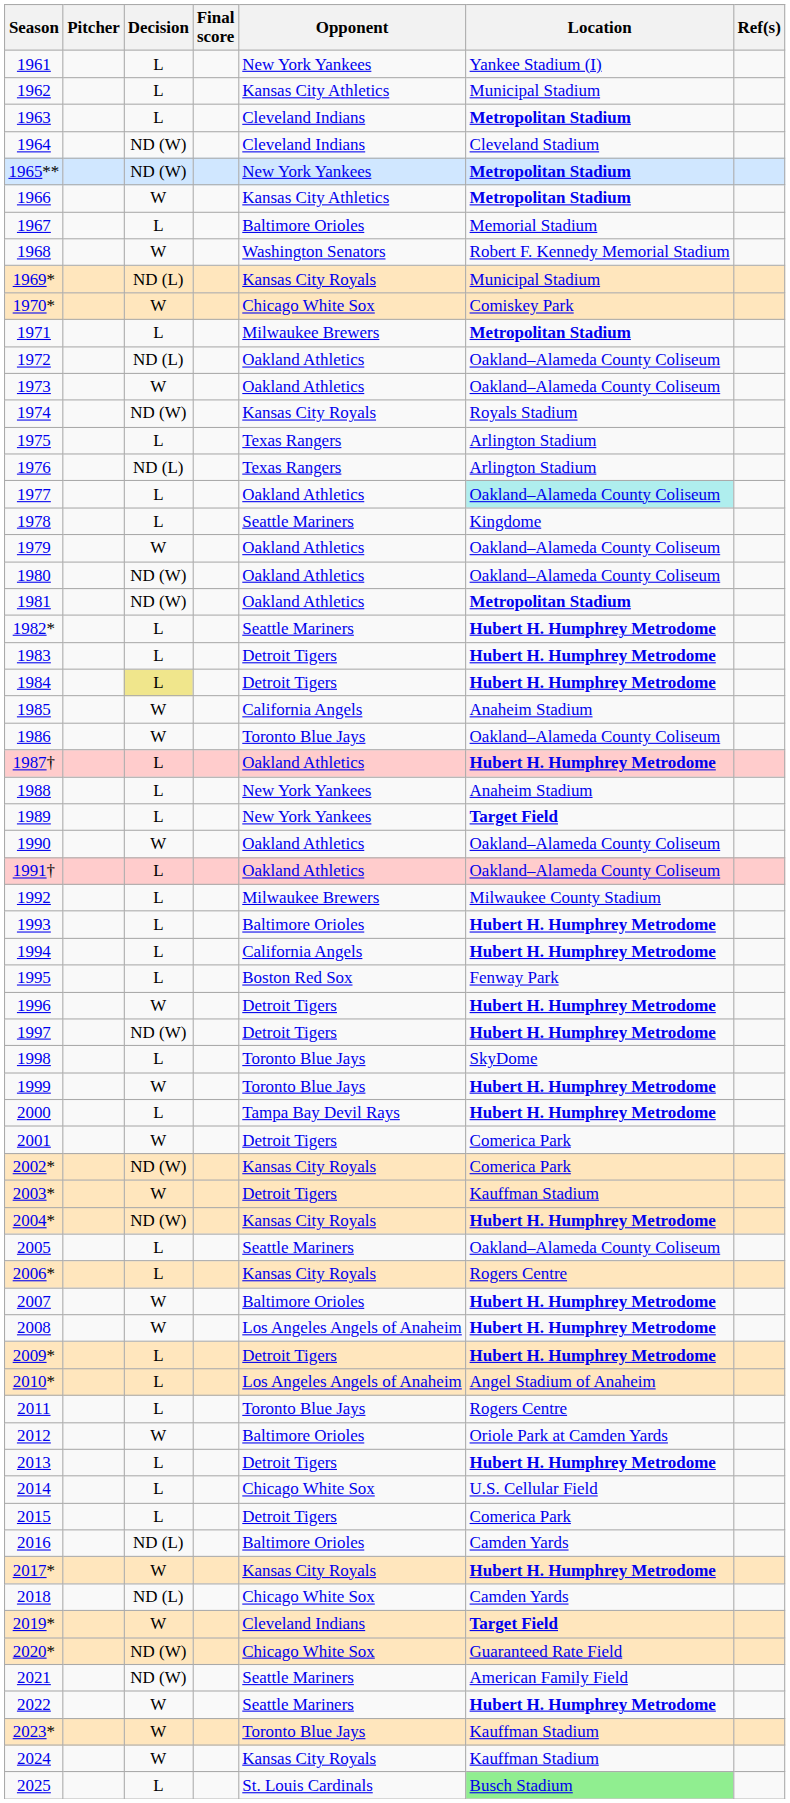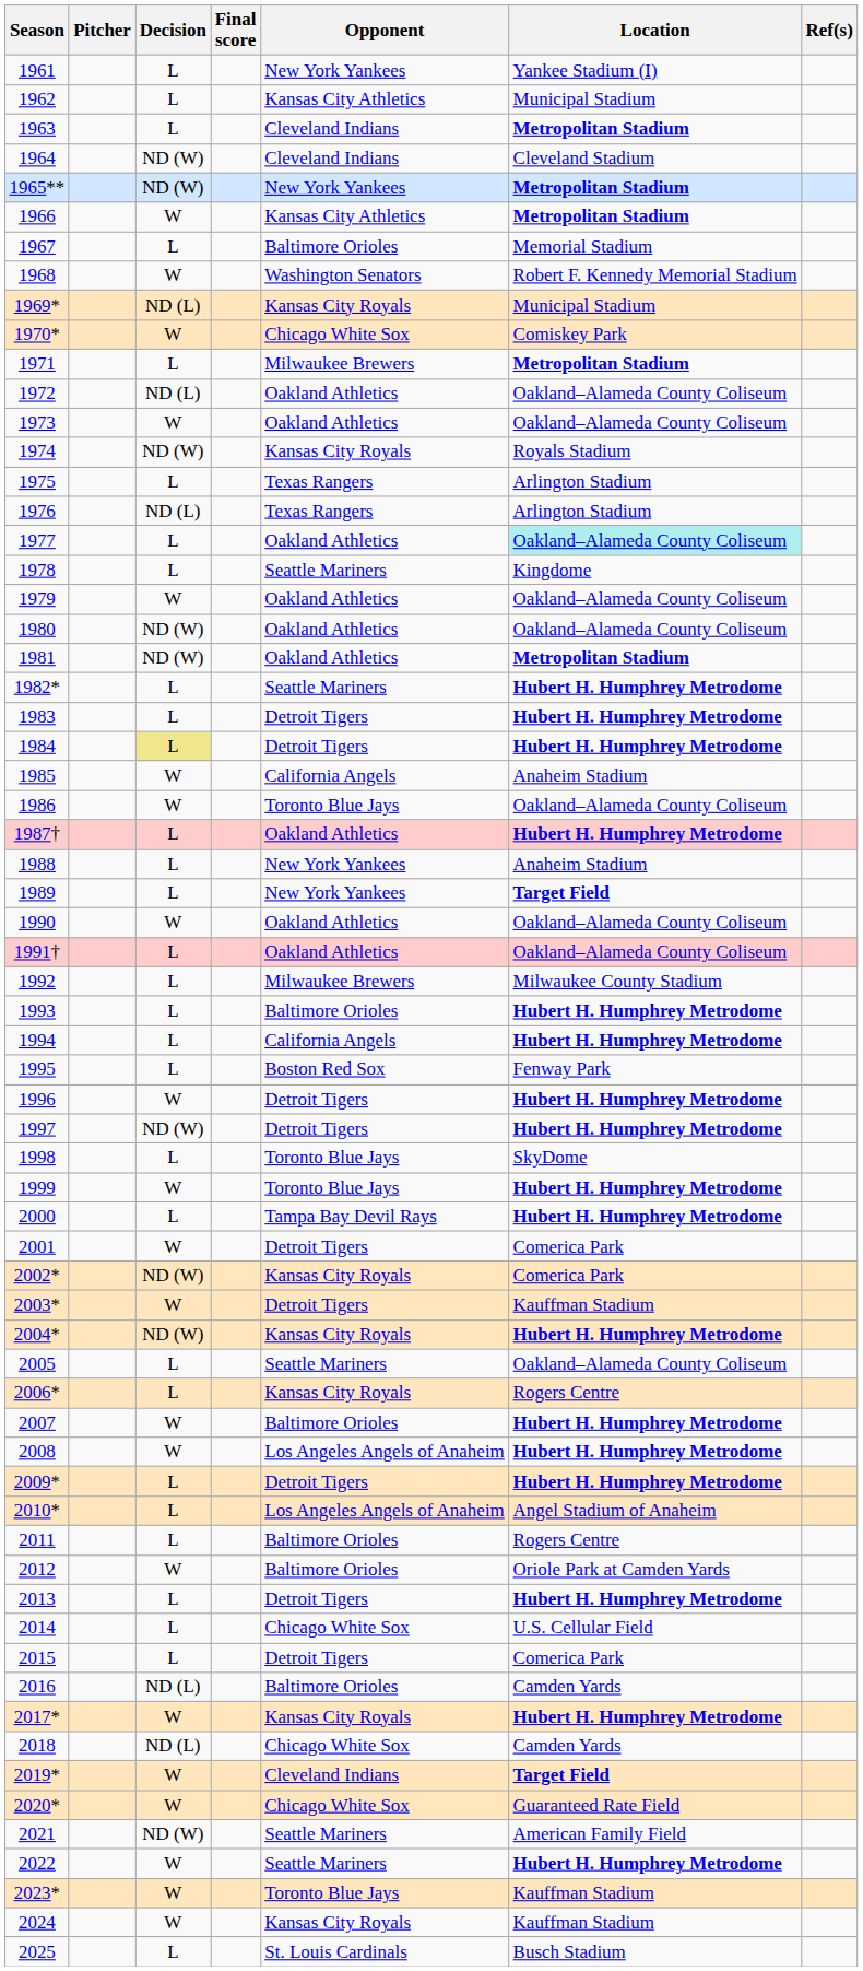 <table class="wikitable sortable plainrowheaders">
 <tr>
 <th scope="col">Season</th>
 <th scope="col">Pitcher</th>
 <th scope="col">Decision</th>
 <th scope="col">Final<br>score</th>
 <th scope="col">Opponent</th>
 <th scope="col">Location</th>
 <th class="unsortable">Ref(s)</th>
 </tr>
 <tr>
 <td align="center"><a href='#'>1961</a></td>
 <td></td>
 <td align="center">L</td>
 <td align="center"></td>
 <td><a href='#'>New York Yankees</a></td>
 <td><a href='#'>Yankee Stadium (I)</a></td>
 <td align="center"></td>
 </tr>
 <tr>
 <td align="center"><a href='#'>1962</a></td>
 <td></td>
 <td align="center">L</td>
 <td align="center"></td>
 <td><a href='#'>Kansas City Athletics</a></td>
 <td><a href='#'>Municipal Stadium</a></td>
 <td align="center"></td>
 </tr>
 <tr>
 <td align="center"><a href='#'>1963</a></td>
 <td></td>
 <td align="center">L</td>
 <td align="center"></td>
 <td><a href='#'>Cleveland Indians</a></td>
 <td><strong><a href='#'>Metropolitan Stadium</a></strong></td>
 <td align="center"></td>
 </tr>
 <tr>
 <td align="center"><a href='#'>1964</a></td>
 <td> </td>
 <td align="center">ND (W)</td>
 <td align="center"></td>
 <td><a href='#'>Cleveland Indians</a></td>
 <td><a href='#'>Cleveland Stadium</a></td>
 <td align="center"></td>
 </tr>
 <tr>
 <td style="background-color: #D0E7FF" align="center"><a href='#'>1965</a>**</td>
 <td style="background-color: #D0E7FF"></td>
 <td style="background-color: #D0E7FF" align="center">ND (W)</td>
 <td style="background-color: #D0E7FF" align="center"></td>
 <td style="background-color: #D0E7FF"><a href='#'>New York Yankees</a></td>
 <td style="background-color: #D0E7FF"><strong><a href='#'>Metropolitan Stadium</a></strong></td>
 <td style="background-color: #D0E7FF" align="center"></td>
 </tr>
 <tr>
 <td align="center"><a href='#'>1966</a></td>
 <td></td>
 <td align="center">W</td>
 <td align="center"></td>
 <td><a href='#'>Kansas City Athletics</a></td>
 <td><strong><a href='#'>Metropolitan Stadium</a></strong></td>
 <td align="center"></td>
 </tr>
 <tr>
 <td align="center"><a href='#'>1967</a></td>
 <td> </td>
 <td align="center">L</td>
 <td align="center"></td>
 <td><a href='#'>Baltimore Orioles</a></td>
 <td><a href='#'>Memorial Stadium</a></td>
 <td align="center"></td>
 </tr>
 <tr>
 <td align="center"><a href='#'>1968</a></td>
 <td></td>
 <td align="center">W</td>
 <td align="center"></td>
 <td><a href='#'>Washington Senators</a></td>
 <td><a href='#'>Robert F. Kennedy Memorial Stadium</a></td>
 <td align="center"></td>
 </tr>
 <tr>
 <td style="background-color: #FFE6BD" align="center"><a href='#'>1969</a>*</td>
 <td style="background-color: #FFE6BD"></td>
 <td style="background-color: #FFE6BD" align="center">ND (L)</td>
 <td style="background-color: #FFE6BD" align="center"></td>
 <td style="background-color: #FFE6BD"><a href='#'>Kansas City Royals</a></td>
 <td style="background-color: #FFE6BD"><a href='#'>Municipal Stadium</a></td>
 <td style="background-color: #FFE6BD" align="center"></td>
 </tr>
 <tr>
 <td style="background-color: #FFE6BD" align="center"><a href='#'>1970</a>*</td>
 <td style="background-color: #FFE6BD"></td>
 <td style="background-color: #FFE6BD" align="center">W</td>
 <td style="background-color: #FFE6BD" align="center"></td>
 <td style="background-color: #FFE6BD"><a href='#'>Chicago White Sox</a></td>
 <td style="background-color: #FFE6BD"><a href='#'>Comiskey Park</a></td>
 <td style="background-color: #FFE6BD" align="center"></td>
 </tr>
 <tr>
 <td align="center"><a href='#'>1971</a></td>
 <td> </td>
 <td align="center">L</td>
 <td align="center"></td>
 <td><a href='#'>Milwaukee Brewers</a></td>
 <td><strong><a href='#'>Metropolitan Stadium</a></strong></td>
 <td align="center"></td>
 </tr>
 <tr>
 <td align="center"><a href='#'>1972</a></td>
 <td></td>
 <td align="center">ND (L)</td>
 <td align="center"></td>
 <td><a href='#'>Oakland Athletics</a></td>
 <td><a href='#'>Oakland–Alameda County Coliseum</a></td>
 <td align="center"></td>
 </tr>
 <tr>
 <td align="center"><a href='#'>1973</a></td>
 <td> </td>
 <td align="center">W</td>
 <td align="center"></td>
 <td><a href='#'>Oakland Athletics</a></td>
 <td><a href='#'>Oakland–Alameda County Coliseum</a></td>
 <td align="center"></td>
 </tr>
 <tr>
 <td align="center"><a href='#'>1974</a></td>
 <td> </td>
 <td align="center">ND (W)</td>
 <td align="center"></td>
 <td><a href='#'>Kansas City Royals</a></td>
 <td><a href='#'>Royals Stadium</a></td>
 <td align="center"></td>
 </tr>
 <tr>
 <td align="center"><a href='#'>1975</a></td>
 <td> </td>
 <td align="center">L</td>
 <td align="center"></td>
 <td><a href='#'>Texas Rangers</a></td>
 <td><a href='#'>Arlington Stadium</a></td>
 <td align="center"></td>
 </tr>
 <tr>
 <td align="center"><a href='#'>1976</a></td>
 <td> </td>
 <td align="center">ND (L)</td>
 <td align="center"></td>
 <td><a href='#'>Texas Rangers</a></td>
 <td><a href='#'>Arlington Stadium</a></td>
 <td align="center"></td>
 </tr>
 <tr>
 <td align="center"><a href='#'>1977</a></td>
 <td></td>
 <td align="center">L</td>
 <td align="center"></td>
 <td><a href='#'>Oakland Athletics</a></td>
 <td style="background: paleturquoise;"><a href='#'>Oakland–Alameda County Coliseum</a></td>
 <td align="center"></td>
 </tr>
 <tr>
 <td align="center"><a href='#'>1978</a></td>
 <td> </td>
 <td align="center">L</td>
 <td align="center"></td>
 <td><a href='#'>Seattle Mariners</a></td>
 <td><a href='#'>Kingdome</a></td>
 <td align="center"></td>
 </tr>
 <tr>
 <td align="center"><a href='#'>1979</a></td>
 <td> </td>
 <td align="center">W</td>
 <td align="center"></td>
 <td><a href='#'>Oakland Athletics</a></td>
 <td><a href='#'>Oakland–Alameda County Coliseum</a></td>
 <td align="center"></td>
 </tr>
 <tr>
 <td align="center"><a href='#'>1980</a></td>
 <td></td>
 <td align="center">ND (W)</td>
 <td align="center"></td>
 <td><a href='#'>Oakland Athletics</a></td>
 <td><a href='#'>Oakland–Alameda County Coliseum</a></td>
 <td align="center"></td>
 </tr>
 <tr>
 <td align="center"><a href='#'>1981</a></td>
 <td> </td>
 <td align="center">ND (W)</td>
 <td align="center"></td>
 <td><a href='#'>Oakland Athletics</a></td>
 <td><strong><a href='#'>Metropolitan Stadium</a></strong></td>
 <td align="center"></td>
 </tr>
 <tr>
 <td align="center"><a href='#'>1982</a>*</td>
 <td></td>
 <td align="center">L</td>
 <td align="center"></td>
 <td><a href='#'>Seattle Mariners</a></td>
 <td><strong><a href='#'>Hubert H. Humphrey Metrodome</a></strong></td>
 <td align="center"></td>
 </tr>
 <tr>
 <td align="center"><a href='#'>1983</a></td>
 <td></td>
 <td align="center">L</td>
 <td align="center"></td>
 <td><a href='#'>Detroit Tigers</a></td>
 <td><strong><a href='#'>Hubert H. Humphrey Metrodome</a></strong></td>
 <td align="center"></td>
 </tr>
 <tr>
 <td align="center"><a href='#'>1984</a></td>
 <td></td>
 <td align="center" style="background: khaki;">L</td>
 <td align="center"></td>
 <td><a href='#'>Detroit Tigers</a></td>
 <td><strong><a href='#'>Hubert H. Humphrey Metrodome</a></strong></td>
 <td align="center"></td>
 </tr>
 <tr>
 <td align="center"><a href='#'>1985</a></td>
 <td></td>
 <td align="center">W</td>
 <td align="center"></td>
 <td><a href='#'>California Angels</a></td>
 <td><a href='#'>Anaheim Stadium</a></td>
 <td align="center"></td>
 </tr>
 <tr>
 <td align="center"><a href='#'>1986</a></td>
 <td> </td>
 <td align="center">W</td>
 <td align="center"></td>
 <td><a href='#'>Toronto Blue Jays</a></td>
 <td><a href='#'>Oakland–Alameda County Coliseum</a></td>
 <td align="center"></td>
 </tr>
 <tr>
 <td style="background-color: #FFCCCC" align="center"><a href='#'>1987</a>†</td>
 <td style="background-color: #FFCCCC"> </td>
 <td style="background-color: #FFCCCC" align="center">L</td>
 <td style="background-color: #FFCCCC" align="center"></td>
 <td style="background-color: #FFCCCC"><a href='#'>Oakland Athletics</a></td>
 <td style="background-color: #FFCCCC"><strong><a href='#'>Hubert H. Humphrey Metrodome</a></strong></td>
 <td style="background-color: #FFCCCC" align="center"></td>
 </tr>
 <tr>
 <td align="center"><a href='#'>1988</a></td>
 <td> </td>
 <td align="center">L</td>
 <td align="center"></td>
 <td><a href='#'>New York Yankees</a></td>
 <td><a href='#'>Anaheim Stadium</a></td>
 <td align="center"></td>
 </tr>
 <tr>
 <td align="center"><a href='#'>1989</a></td>
 <td> </td>
 <td align="center">L</td>
 <td align="center"></td>
 <td><a href='#'>New York Yankees</a></td>
 <td><strong><a href='#'>Target Field</a></strong></td>
 <td align="center"></td>
 </tr>
 <tr>
 <td align="center"><a href='#'>1990</a></td>
 <td></td>
 <td align="center">W</td>
 <td align="center"></td>
 <td><a href='#'>Oakland Athletics</a></td>
 <td><a href='#'>Oakland–Alameda County Coliseum</a></td>
 <td align="center"></td>
 </tr>
 <tr>
 <td style="background-color: #FFCCCC" align="center"><a href='#'>1991</a>†</td>
 <td style="background-color: #FFCCCC"></td>
 <td style="background-color: #FFCCCC" align="center">L</td>
 <td style="background-color: #FFCCCC" align="center"></td>
 <td style="background-color: #FFCCCC"><a href='#'>Oakland Athletics</a></td>
 <td style="background-color: #FFCCCC"><a href='#'>Oakland–Alameda County Coliseum</a></td>
 <td style="background-color: #FFCCCC" align="center"></td>
 </tr>
 <tr>
 <td align="center"><a href='#'>1992</a></td>
 <td></td>
 <td align="center">L</td>
 <td align="center"></td>
 <td><a href='#'>Milwaukee Brewers</a></td>
 <td><a href='#'>Milwaukee County Stadium</a></td>
 <td align="center"></td>
 </tr>
 <tr>
 <td align="center"><a href='#'>1993</a></td>
 <td></td>
 <td align="center">L</td>
 <td align="center"></td>
 <td><a href='#'>Baltimore Orioles</a></td>
 <td><strong><a href='#'>Hubert H. Humphrey Metrodome</a></strong></td>
 <td align="center"></td>
 </tr>
 <tr>
 <td align="center"><a href='#'>1994</a></td>
 <td> </td>
 <td align="center">L</td>
 <td align="center"></td>
 <td><a href='#'>California Angels</a></td>
 <td><strong><a href='#'>Hubert H. Humphrey Metrodome</a></strong></td>
 <td align="center"></td>
 </tr>
 <tr>
 <td align="center"><a href='#'>1995</a></td>
 <td> </td>
 <td align="center">L</td>
 <td align="center"></td>
 <td><a href='#'>Boston Red Sox</a></td>
 <td><a href='#'>Fenway Park</a></td>
 <td align="center"></td>
 </tr>
 <tr>
 <td align="center"><a href='#'>1996</a></td>
 <td></td>
 <td align="center">W</td>
 <td align="center"></td>
 <td><a href='#'>Detroit Tigers</a></td>
 <td><strong><a href='#'>Hubert H. Humphrey Metrodome</a></strong></td>
 <td align="center"></td>
 </tr>
 <tr>
 <td align="center"><a href='#'>1997</a></td>
 <td> </td>
 <td align="center">ND (W)</td>
 <td align="center"></td>
 <td><a href='#'>Detroit Tigers</a></td>
 <td><strong><a href='#'>Hubert H. Humphrey Metrodome</a></strong></td>
 <td align="center"></td>
 </tr>
 <tr>
 <td align="center"><a href='#'>1998</a></td>
 <td></td>
 <td align="center">L</td>
 <td align="center"></td>
 <td><a href='#'>Toronto Blue Jays</a></td>
 <td><a href='#'>SkyDome</a></td>
 <td align="center"></td>
 </tr>
 <tr>
 <td align="center"><a href='#'>1999</a></td>
 <td> </td>
 <td align="center">W</td>
 <td align="center"></td>
 <td><a href='#'>Toronto Blue Jays</a></td>
 <td><strong><a href='#'>Hubert H. Humphrey Metrodome</a></strong></td>
 <td align="center"></td>
 </tr>
 <tr>
 <td align="center"><a href='#'>2000</a></td>
 <td> </td>
 <td align="center">L</td>
 <td align="center"></td>
 <td><a href='#'>Tampa Bay Devil Rays</a></td>
 <td><strong><a href='#'>Hubert H. Humphrey Metrodome</a></strong></td>
 <td align="center"></td>
 </tr>
 <tr>
 <td align="center"><a href='#'>2001</a></td>
 <td> </td>
 <td align="center">W</td>
 <td align="center"></td>
 <td><a href='#'>Detroit Tigers</a></td>
 <td><a href='#'>Comerica Park</a></td>
 <td align="center"></td>
 </tr>
 <tr>
 <td style="background-color: #FFE6BD" align="center"><a href='#'>2002</a>*</td>
 <td style="background-color: #FFE6BD"> </td>
 <td style="background-color: #FFE6BD" align="center">ND (W)</td>
 <td style="background-color: #FFE6BD" align="center"></td>
 <td style="background-color: #FFE6BD"><a href='#'>Kansas City Royals</a></td>
 <td style="background-color: #FFE6BD"><a href='#'>Comerica Park</a></td>
 <td style="background-color: #FFE6BD" align="center"></td>
 </tr>
 <tr>
 <td style="background-color: #FFE6BD" align="center"><a href='#'>2003</a>*</td>
 <td style="background-color: #FFE6BD"> </td>
 <td style="background-color: #FFE6BD" align="center">W</td>
 <td style="background-color: #FFE6BD" align="center"></td>
 <td style="background-color: #FFE6BD"><a href='#'>Detroit Tigers</a></td>
 <td style="background-color: #FFE6BD"><a href='#'>Kauffman Stadium</a></td>
 <td style="background-color: #FFE6BD" align="center"></td>
 </tr>
 <tr>
 <td style="background-color: #FFE6BD" align="center"><a href='#'>2004</a>*</td>
 <td style="background-color: #FFE6BD"> </td>
 <td style="background-color: #FFE6BD" align="center">ND (W)</td>
 <td style="background-color: #FFE6BD" align="center"></td>
 <td style="background-color: #FFE6BD"><a href='#'>Kansas City Royals</a></td>
 <td style="background-color: #FFE6BD"><strong><a href='#'>Hubert H. Humphrey Metrodome</a></strong></td>
 <td style="background-color: #FFE6BD" align="center"></td>
 </tr>
 <tr>
 <td align="center"><a href='#'>2005</a></td>
 <td> </td>
 <td align="center">L</td>
 <td align="center"></td>
 <td><a href='#'>Seattle Mariners</a></td>
 <td><a href='#'>Oakland–Alameda County Coliseum</a></td>
 <td align="center"></td>
 </tr>
 <tr>
 <td style="background-color: #FFE6BD" align="center"><a href='#'>2006</a>*</td>
 <td style="background-color: #FFE6BD"></td>
 <td style="background-color: #FFE6BD" align="center">L</td>
 <td style="background-color: #FFE6BD" align="center"></td>
 <td style="background-color: #FFE6BD"><a href='#'>Kansas City Royals</a></td>
 <td style="background-color: #FFE6BD"><a href='#'>Rogers Centre</a></td>
 <td style="background-color: #FFE6BD" align="center"></td>
 </tr>
 <tr>
 <td align="center"><a href='#'>2007</a></td>
 <td> </td>
 <td align="center">W</td>
 <td align="center"></td>
 <td><a href='#'>Baltimore Orioles</a></td>
 <td><strong><a href='#'>Hubert H. Humphrey Metrodome</a></strong></td>
 <td align="center"></td>
 </tr>
 <tr>
 <td align="center"><a href='#'>2008</a></td>
 <td></td>
 <td align="center">W</td>
 <td align="center"></td>
 <td><a href='#'>Los Angeles Angels of Anaheim</a></td>
 <td><strong><a href='#'>Hubert H. Humphrey Metrodome</a></strong></td>
 <td align="center"></td>
 </tr>
 <tr>
 <td style="background-color: #FFE6BD" align="center"><a href='#'>2009</a>*</td>
 <td style="background-color: #FFE6BD"></td>
 <td style="background-color: #FFE6BD" align="center">L</td>
 <td style="background-color: #FFE6BD" align="center"></td>
 <td style="background-color: #FFE6BD"><a href='#'>Detroit Tigers</a></td>
 <td style="background-color: #FFE6BD"><strong><a href='#'>Hubert H. Humphrey Metrodome</a></strong></td>
 <td style="background-color: #FFE6BD" align="center"></td>
 </tr>
 <tr>
 <td style="background-color: #FFE6BD" align="center"><a href='#'>2010</a>*</td>
 <td style="background-color: #FFE6BD"></td>
 <td style="background-color: #FFE6BD" align="center">L</td>
 <td style="background-color: #FFE6BD" align="center"></td>
 <td style="background-color: #FFE6BD"><a href='#'>Los Angeles Angels of Anaheim</a></td>
 <td style="background-color: #FFE6BD"><a href='#'>Angel Stadium of Anaheim</a></td>
 <td style="background-color: #FFE6BD" align="center"></td>
 </tr>
 <tr>
 <td align="center"><a href='#'>2011</a></td>
 <td></td>
 <td align="center">L</td>
 <td align="center"></td>
-<td><a href='#'>Toronto Blue Jays</a></td>
+<td><a href='#'>Baltimore Orioles</a></td>
 <td><a href='#'>Rogers Centre</a></td>
 <td align="center"></td>
 </tr>
 <tr>
 <td align="center"><a href='#'>2012</a></td>
 <td> </td>
 <td align="center">W</td>
 <td align="center"></td>
 <td><a href='#'>Baltimore Orioles</a></td>
 <td><a href='#'>Oriole Park at Camden Yards</a></td>
 <td align="center"></td>
 </tr>
 <tr>
 <td align="center"><a href='#'>2013</a></td>
 <td></td>
 <td align="center">L</td>
 <td align="center"></td>
 <td><a href='#'>Detroit Tigers</a></td>
 <td><strong><a href='#'>Hubert H. Humphrey Metrodome</a></strong></td>
 <td align="center"></td>
 </tr>
 <tr>
 <td align="center"><a href='#'>2014</a></td>
 <td></td>
 <td align="center">L</td>
 <td align="center"></td>
 <td><a href='#'>Chicago White Sox</a></td>
 <td><a href='#'>U.S. Cellular Field</a></td>
 <td align="center"></td>
 </tr>
 <tr>
 <td align="center"><a href='#'>2015</a></td>
 <td></td>
 <td align="center">L</td>
 <td align="center"></td>
 <td><a href='#'>Detroit Tigers</a></td>
 <td><a href='#'>Comerica Park</a></td>
 <td align="center"></td>
 </tr>
 <tr>
 <td align="center"><a href='#'>2016</a></td>
 <td></td>
 <td align="center">ND (L)</td>
 <td align="center"></td>
 <td><a href='#'>Baltimore Orioles</a></td>
 <td><a href='#'>Camden Yards</a></td>
 <td align="center"></td>
 </tr>
 <tr>
 <td style="background-color: #FFE6BD" align="center"><a href='#'>2017</a>*</td>
 <td style="background-color: #FFE6BD"> </td>
 <td style="background-color: #FFE6BD" align="center">W</td>
 <td style="background-color: #FFE6BD" align="center"></td>
 <td style="background-color: #FFE6BD"><a href='#'>Kansas City Royals</a></td>
 <td style="background-color: #FFE6BD"><strong><a href='#'>Hubert H. Humphrey Metrodome</a></strong></td>
 <td style="background-color: #FFE6BD" align="center"></td>
 </tr>
 <tr>
 <td align="center"><a href='#'>2018</a></td>
 <td></td>
 <td align="center">ND (L)</td>
 <td align="center"></td>
 <td><a href='#'>Chicago White Sox</a></td>
 <td><a href='#'>Camden Yards</a></td>
 <td align="center"></td>
 </tr>
 <tr>
 <td style="background-color: #FFE6BD" align="center"><a href='#'>2019</a>*</td>
 <td style="background-color: #FFE6BD"></td>
 <td style="background-color: #FFE6BD" align="center">W</td>
 <td style="background-color: #FFE6BD" align="center"></td>
 <td style="background-color: #FFE6BD"><a href='#'>Cleveland Indians</a></td>
 <td style="background-color: #FFE6BD"><strong><a href='#'>Target Field</a></strong></td>
 <td style="background-color: #FFE6BD" align="center"></td>
 </tr>
 <tr>
 <td style="background-color: #FFE6BD" align="center"><a href='#'>2020</a>*</td>
 <td style="background-color: #FFE6BD"> </td>
-<td style="background-color: #FFE6BD" align="center">ND (W)</td>
+<td style="background-color: #FFE6BD" align="center">W</td>
 <td style="background-color: #FFE6BD" align="center"></td>
 <td style="background-color: #FFE6BD"><a href='#'>Chicago White Sox</a></td>
 <td style="background-color: #FFE6BD"><a href='#'>Guaranteed Rate Field</a></td>
 <td style="background-color: #FFE6BD" align="center"></td>
 </tr>
 <tr>
 <td align="center"><a href='#'>2021</a></td>
 <td></td>
 <td align="center">ND (W)</td>
 <td align="center"></td>
 <td><a href='#'>Seattle Mariners</a></td>
 <td><a href='#'>American Family Field</a></td>
 <td align="center"></td>
 </tr>
 <tr>
 <td align="center"><a href='#'>2022</a></td>
 <td></td>
 <td align="center">W</td>
 <td align="center"></td>
 <td><a href='#'>Seattle Mariners</a></td>
 <td><strong><a href='#'>Hubert H. Humphrey Metrodome</a></strong></td>
 <td align="center"></td>
 </tr>
 <tr>
 <td style="background-color: #FFE6BD" align="center"><a href='#'>2023</a>*</td>
 <td style="background-color: #FFE6BD"></td>
 <td style="background-color: #FFE6BD" align="center">W</td>
 <td style="background-color: #FFE6BD" align="center"></td>
 <td style="background-color: #FFE6BD"><a href='#'>Toronto Blue Jays</a></td>
 <td style="background-color: #FFE6BD"><a href='#'>Kauffman Stadium</a></td>
 <td style="background-color: #FFE6BD" align="center"></td>
 </tr>
 <tr>
 <td align="center"><a href='#'>2024</a></td>
 <td> </td>
 <td align="center">W</td>
 <td align="center"></td>
 <td><a href='#'>Kansas City Royals</a></td>
 <td><a href='#'>Kauffman Stadium</a></td>
 <td align="center"></td>
 </tr>
 <tr>
 <td align="center"><a href='#'>2025</a></td>
 <td> </td>
 <td align="center">L</td>
 <td align="center"></td>
 <td><a href='#'>St. Louis Cardinals</a></td>
-<td style="background: lightgreen;"><a href='#'>Busch Stadium</a></td>
+<td><a href='#'>Busch Stadium</a></td>
 <td align="center"></td>
 </tr>
 </table>
